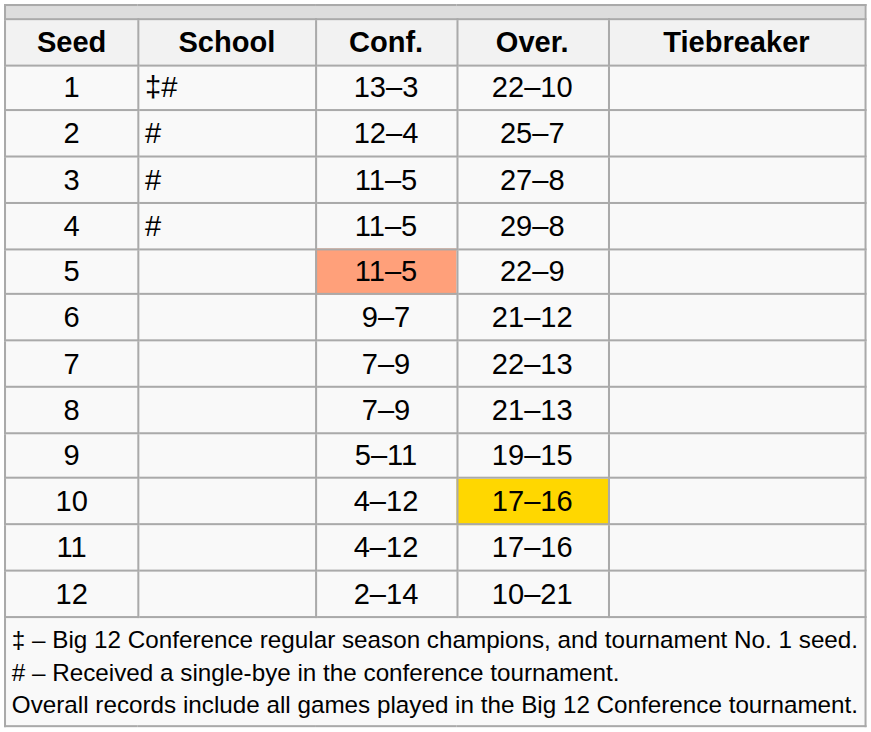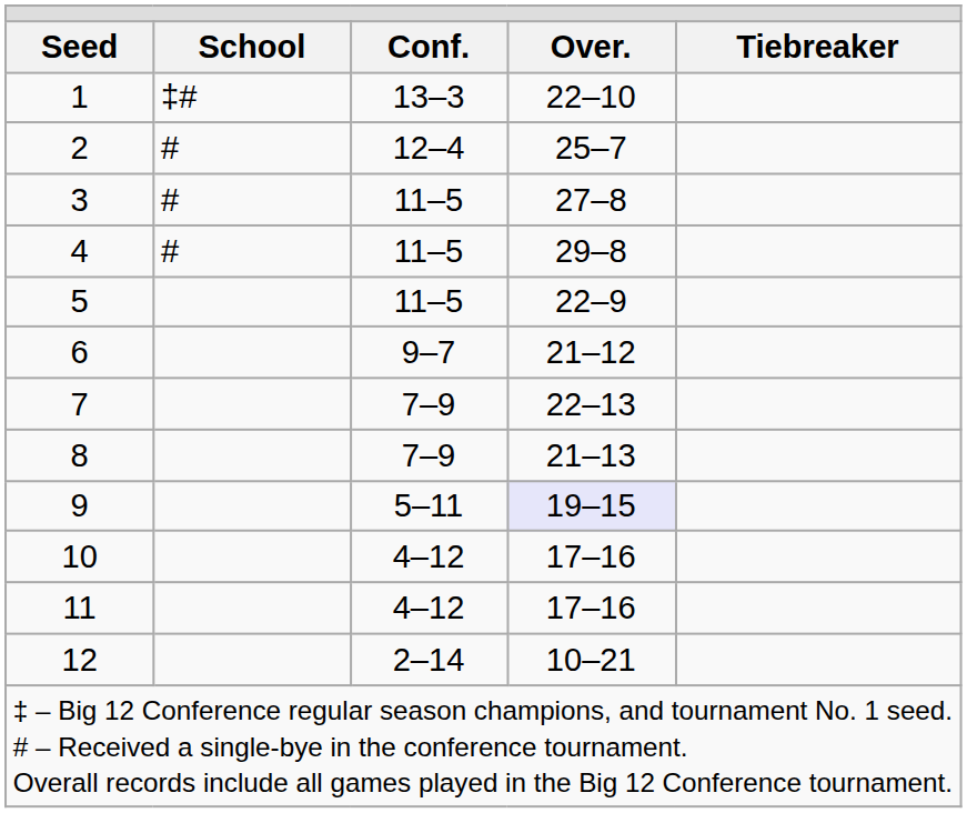 <table class="wikitable" style="white-space:nowrap; font-size:90%;text-align:center">
 <tr>
 <td colspan="10" style="text-align:center; background:#DDDDDD; font:#000000"><strong></strong></td>
 </tr>
 <tr bgcolor="#efefef">
 <th>Seed</th>
 <th>School</th>
 <th>Conf.</th>
 <th>Over.</th>
 <th>Tiebreaker</th>
 </tr>
 <tr>
 <td>1</td>
 <td align=left> ‡#</td>
 <td>13–3</td>
 <td>22–10</td>
 <td></td>
 </tr>
 <tr>
 <td>2</td>
 <td align=left> #</td>
 <td>12–4</td>
 <td>25–7</td>
 <td></td>
 </tr>
 <tr>
 <td>3</td>
 <td align=left> #</td>
 <td>11–5</td>
 <td>27–8</td>
 <td></td>
 </tr>
 <tr>
 <td>4</td>
 <td align=left> #</td>
 <td>11–5</td>
 <td>29–8</td>
 <td></td>
 </tr>
 <tr>
 <td>5</td>
 <td align=left></td>
-<td style="background: lightsalmon;">11–5</td>
+<td>11–5</td>
 <td>22–9</td>
 <td></td>
 </tr>
 <tr>
 <td>6</td>
 <td align=left></td>
 <td>9–7</td>
 <td>21–12</td>
 <td></td>
 </tr>
 <tr>
 <td>7</td>
 <td align=left></td>
 <td>7–9</td>
 <td>22–13</td>
 <td></td>
 </tr>
 <tr>
 <td>8</td>
 <td align=left></td>
 <td>7–9</td>
 <td>21–13</td>
 <td></td>
 </tr>
 <tr>
 <td>9</td>
 <td align=left></td>
 <td>5–11</td>
-<td>19–15</td>
+<td style="background: lavender;">19–15</td>
 <td></td>
 </tr>
 <tr>
 <td>10</td>
 <td align=left></td>
 <td>4–12</td>
-<td style="background: gold;">17–16</td>
+<td>17–16</td>
 <td></td>
 </tr>
 <tr>
 <td>11</td>
 <td align=left></td>
 <td>4–12</td>
 <td>17–16</td>
 <td></td>
 </tr>
 <tr>
 <td>12</td>
 <td align=left></td>
 <td>2–14</td>
 <td>10–21</td>
 <td></td>
 </tr>
 <tr>
 <td colspan="10" style="text-align:left;"><small>‡ – Big 12 Conference regular season champions, and tournament No. 1 seed.<br># – Received a single-bye in the conference tournament.<br>Overall records include all games played in the Big 12 Conference tournament.</small></td>
 </tr>
 </table>
